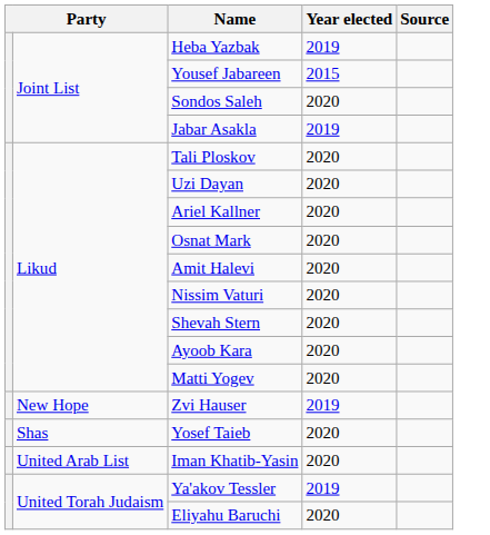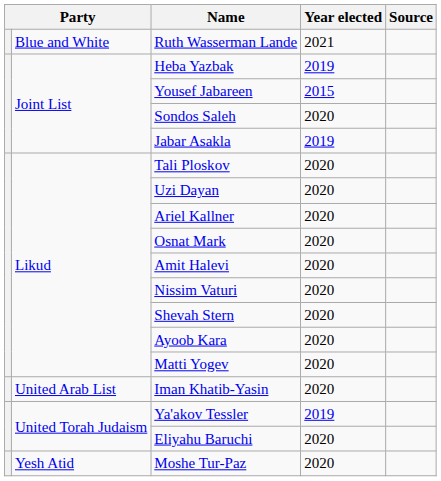 <table class="wikitable sortable" style="font-size: 95%;">
 <tr>
 <th colspan=2>Party</th>
 <th>Name</th>
 <th>Year elected</th>
 <th>Source</th>
+</tr>
+<tr>
+<th rowspan=1 style="background-color: "></th>
+<td rowspan=1><a href='#'>Blue and White</a></td>
+<td><a href='#'>Ruth Wasserman Lande</a></td>
+<td>2021</td>
+<td></td>
 </tr>
 <tr>
 <th rowspan=4 style="background-color: "></th>
 <td rowspan=4><a href='#'>Joint List</a></td>
 <td><a href='#'>Heba Yazbak</a></td>
 <td><a href='#'>2019</a></td>
 <td></td>
 </tr>
 <tr>
 <td><a href='#'>Yousef Jabareen</a></td>
 <td><a href='#'>2015</a></td>
 <td></td>
 </tr>
 <tr>
 <td><a href='#'>Sondos Saleh</a></td>
 <td>2020</td>
 <td></td>
 </tr>
 <tr>
 <td><a href='#'>Jabar Asakla</a></td>
 <td><a href='#'>2019</a></td>
 <td></td>
 </tr>
 <tr>
 <th rowspan=9 style="background-color: "></th>
 <td rowspan=9><a href='#'>Likud</a></td>
 <td><a href='#'>Tali Ploskov</a></td>
 <td>2020</td>
 <td></td>
 </tr>
 <tr>
 <td><a href='#'>Uzi Dayan</a></td>
 <td>2020</td>
 <td></td>
 </tr>
 <tr>
 <td><a href='#'>Ariel Kallner</a></td>
 <td>2020</td>
 <td></td>
 </tr>
 <tr>
 <td><a href='#'>Osnat Mark</a></td>
 <td>2020</td>
 <td></td>
 </tr>
 <tr>
 <td><a href='#'>Amit Halevi</a></td>
 <td>2020</td>
 <td></td>
 </tr>
 <tr>
 <td><a href='#'>Nissim Vaturi</a></td>
 <td>2020</td>
 <td></td>
 </tr>
 <tr>
 <td><a href='#'>Shevah Stern</a></td>
 <td>2020</td>
 <td></td>
 </tr>
 <tr>
 <td><a href='#'>Ayoob Kara</a></td>
 <td>2020</td>
 <td></td>
 </tr>
 <tr>
 <td><a href='#'>Matti Yogev</a></td>
 <td>2020</td>
 <td></td>
 </tr>
 <tr>
-<th rowspan=1 style="background-color: "></th>
-<td rowspan=1><a href='#'>New Hope</a></td>
-<td><a href='#'>Zvi Hauser</a></td>
-<td><a href='#'>2019</a></td>
-<td></td>
-</tr>
-<tr>
-<th style="background-color: "></th>
-<td><a href='#'>Shas</a></td>
-<td><a href='#'>Yosef Taieb</a></td>
-<td>2020</td>
-<td></td>
-</tr>
-<tr>
 <th style="background-color: "></th>
 <td><a href='#'>United Arab List</a></td>
 <td><a href='#'>Iman Khatib-Yasin</a></td>
 <td>2020</td>
 <td></td>
 </tr>
 <tr>
 <th rowspan=2 style="background-color: "></th>
 <td rowspan=2><a href='#'>United Torah Judaism</a></td>
 <td><a href='#'>Ya'akov Tessler</a></td>
 <td><a href='#'>2019</a></td>
 <td></td>
 </tr>
 <tr>
 <td><a href='#'>Eliyahu Baruchi</a></td>
 <td>2020</td>
 <td></td>
 </tr>
+<tr>
+<th style="background-color: "></th>
+<td><a href='#'>Yesh Atid</a></td>
+<td><a href='#'>Moshe Tur-Paz</a></td>
+<td>2020</td>
+<td></td>
+</tr>
 </table>
